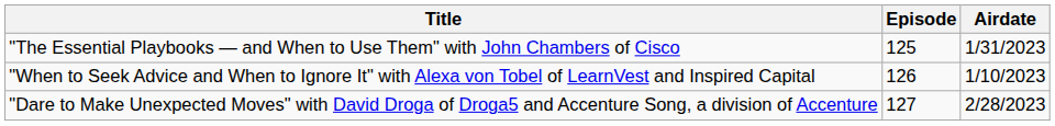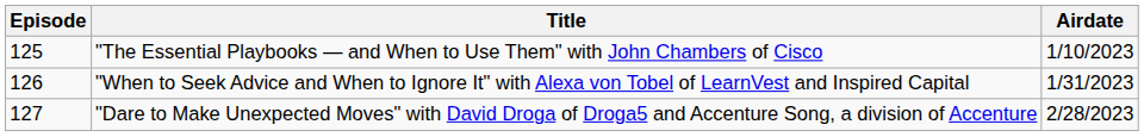 <table class="wikitable collapsible collapsed">
 <tr>
+<th>Episode</th>
 <th>Title</th>
-<th>Episode</th>
 <th>Airdate</th>
 </tr>
 <tr>
+<td>125</td>
 <td>"The Essential Playbooks — and When to Use Them" with <a href='#'>John Chambers</a> of <a href='#'>Cisco</a></td>
-<td>125</td>
+<td>1/10/2023</td>
+</tr>
+<tr>
+<td>126</td>
+<td>"When to Seek Advice and When to Ignore It" with <a href='#'>Alexa von Tobel</a> of <a href='#'>LearnVest</a> and Inspired Capital</td>
 <td>1/31/2023</td>
 </tr>
 <tr>
-<td>"When to Seek Advice and When to Ignore It" with <a href='#'>Alexa von Tobel</a> of <a href='#'>LearnVest</a> and Inspired Capital</td>
-<td>126</td>
-<td>1/10/2023</td>
-</tr>
-<tr>
+<td>127</td>
 <td>"Dare to Make Unexpected Moves" with <a href='#'>David Droga</a> of <a href='#'>Droga5</a> and Accenture Song, a division of <a href='#'>Accenture</a></td>
-<td>127</td>
 <td>2/28/2023</td>
 </tr>
 </table>
